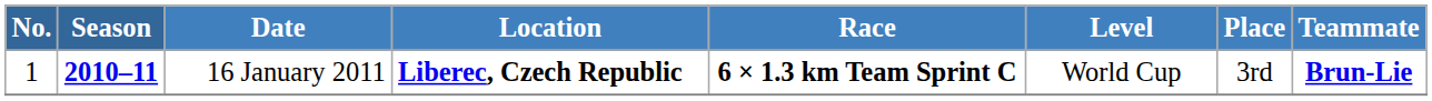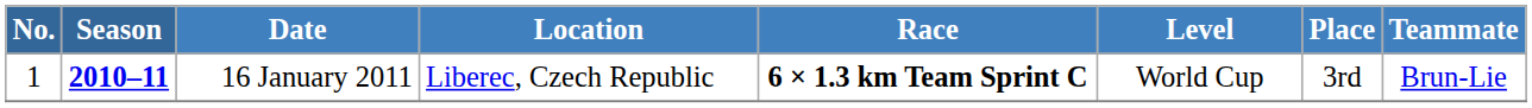 <table class="wikitable sortable" style="font-size:95%; text-align:center; border:grey solid 1px; border-collapse:collapse; background:#ffffff;">
 <tr style="background:#efefef;">
 <th style="background-color:#369; color:white;">No.</th>
 <th style="background-color:#369; color:white;">Season</th>
 <th style="background-color:#4180be; color:white; width:120px;">Date</th>
 <th style="background-color:#4180be; color:white; width:170px;">Location</th>
 <th style="background-color:#4180be; color:white; width:170px;">Race</th>
 <th style="background-color:#4180be; color:white; width:100px;">Level</th>
 <th style="background-color:#4180be; color:white;">Place</th>
 <th style="background-color:#4180be; color:white;">Teammate</th>
 </tr>
 <tr>
 <td align=center>1</td>
 <td rowspan=1 align=center><strong><a href='#'>2010–11</a></strong></td>
 <td align=right>16 January 2011</td>
-<td align=left><strong> <a href='#'>Liberec</a>, Czech Republic</strong></td>
+<td align=left> <a href='#'>Liberec</a>, Czech Republic</td>
 <td><strong>6 × 1.3 km Team Sprint C</strong></td>
 <td>World Cup</td>
 <td>3rd</td>
-<td><strong><a href='#'>Brun-Lie</a></strong></td>
+<td><a href='#'>Brun-Lie</a></td>
 </tr>
 <tr>
 </tr>
 </table>
